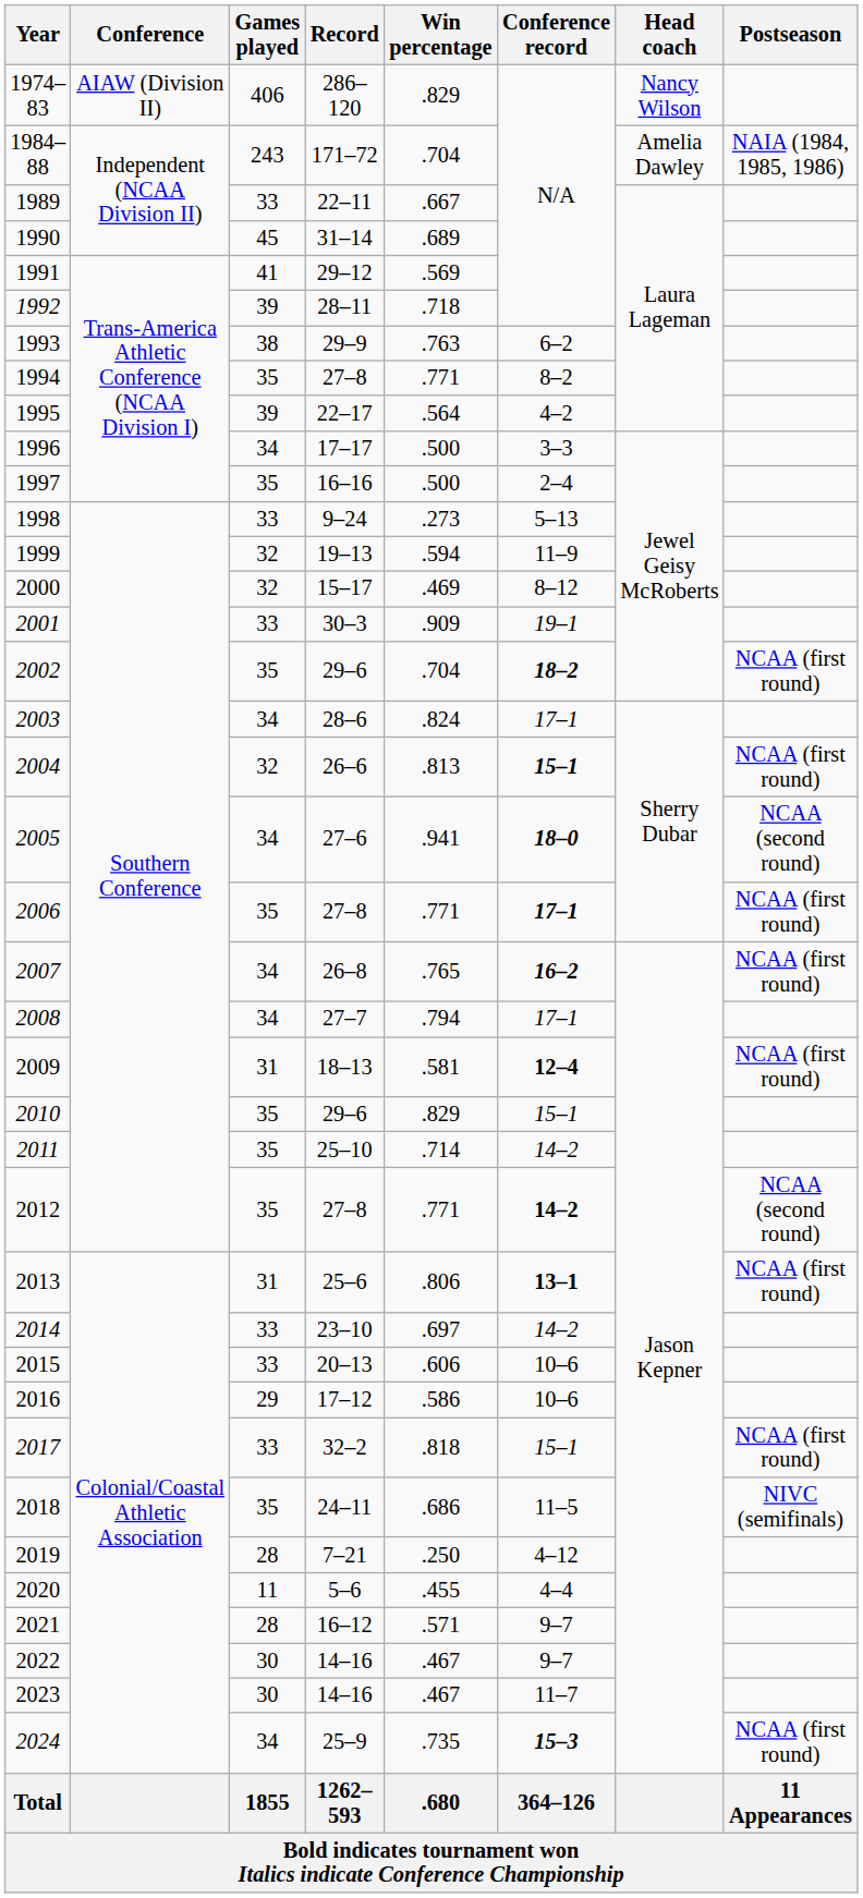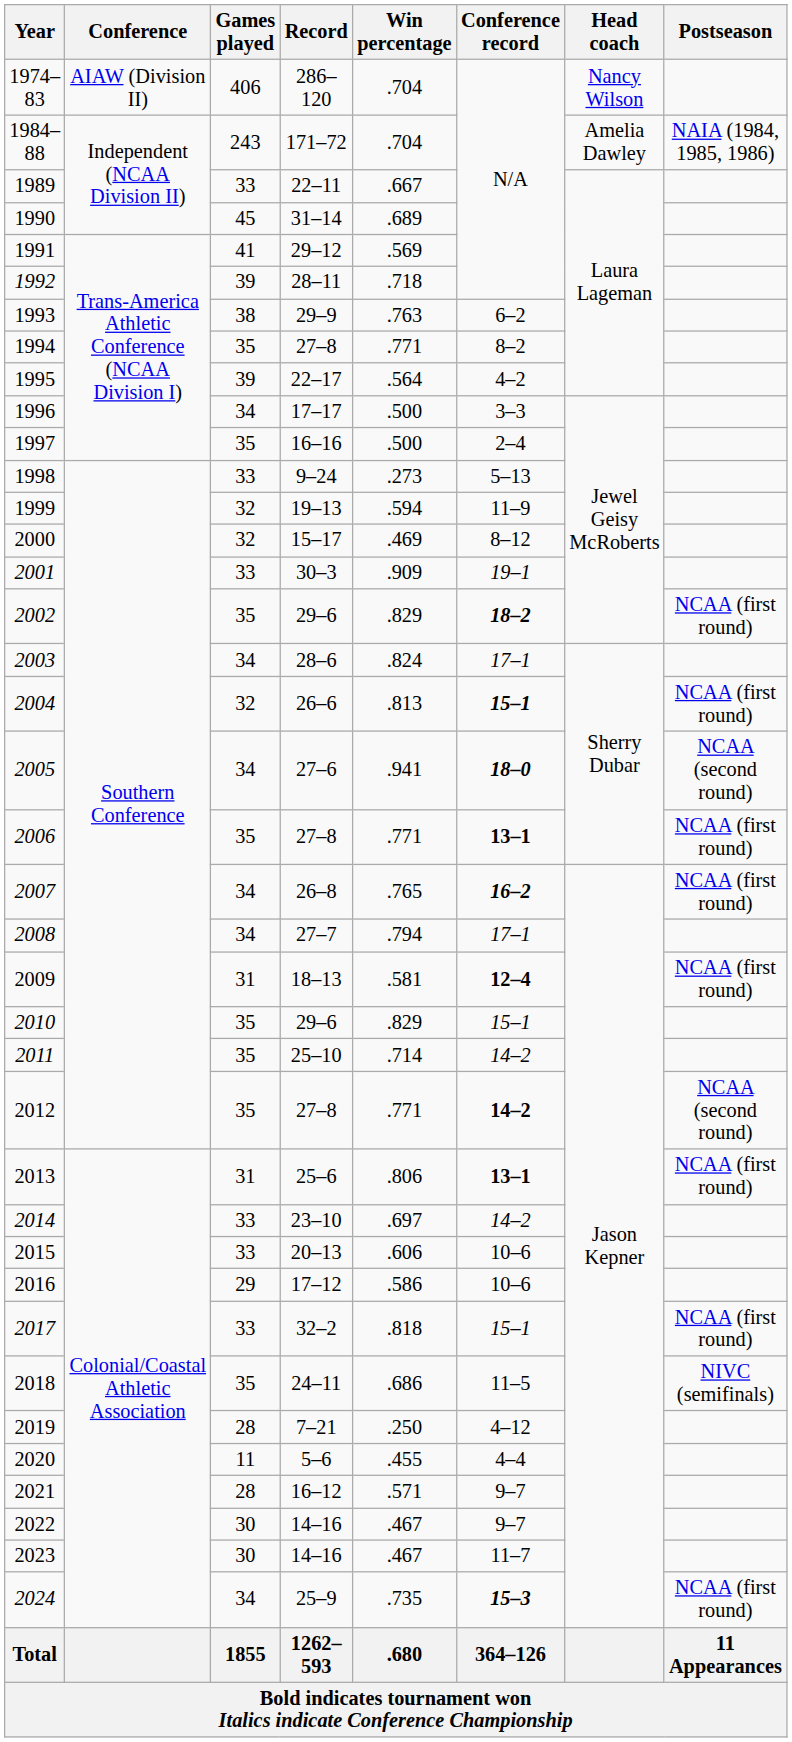 <table class="wikitable sortable" style="text-align:center;">
 <tr>
 <th style="text-align:center;">Year</th>
 <th style="text-align:center;">Conference</th>
 <th style="text-align:center;">Games played</th>
 <th style="text-align:center;">Record</th>
 <th style="text-align:center;">Win percentage</th>
 <th style="text-align:center;">Conference record</th>
 <th style="text-align:center;">Head coach</th>
 <th style="text-align:center;">Postseason</th>
 </tr>
 <tr>
 <td>1974–83</td>
 <td><a href='#'>AIAW</a> (Division II)</td>
 <td>406</td>
 <td>286–120</td>
-<td>.829</td>
+<td>.704</td>
 <td rowspan="6">N/A</td>
 <td rowspan="1"><a href='#'>Nancy Wilson</a></td>
 <td></td>
 </tr>
 <tr>
 <td>1984–88</td>
 <td rowspan="3">Independent (<a href='#'>NCAA Division II</a>)</td>
 <td>243</td>
 <td>171–72</td>
 <td>.704</td>
 <td>Amelia Dawley</td>
 <td><a href='#'>NAIA</a> (1984, 1985, 1986)</td>
 </tr>
 <tr>
 <td>1989</td>
 <td>33</td>
 <td>22–11</td>
 <td>.667</td>
 <td rowspan="7">Laura Lageman</td>
 <td></td>
 </tr>
 <tr>
 <td>1990</td>
 <td>45</td>
 <td>31–14</td>
 <td>.689</td>
 <td></td>
 </tr>
 <tr>
 <td>1991</td>
 <td rowspan="7"><a href='#'>Trans-America Athletic Conference</a> (<a href='#'>NCAA Division I</a>)</td>
 <td>41</td>
 <td>29–12</td>
 <td>.569</td>
 <td></td>
 </tr>
 <tr>
 <td><em>1992</em></td>
 <td>39</td>
 <td>28–11</td>
 <td>.718</td>
 <td></td>
 </tr>
 <tr>
 <td>1993</td>
 <td>38</td>
 <td>29–9</td>
 <td>.763</td>
 <td>6–2</td>
 <td></td>
 </tr>
 <tr>
 <td>1994</td>
 <td>35</td>
 <td>27–8</td>
 <td>.771</td>
 <td>8–2</td>
 <td></td>
 </tr>
 <tr>
 <td>1995</td>
 <td>39</td>
 <td>22–17</td>
 <td>.564</td>
 <td>4–2</td>
 <td></td>
 </tr>
 <tr>
 <td>1996</td>
 <td>34</td>
 <td>17–17</td>
 <td>.500</td>
 <td>3–3</td>
 <td rowspan="7">Jewel Geisy McRoberts</td>
 <td></td>
 </tr>
 <tr>
 <td>1997</td>
 <td>35</td>
 <td>16–16</td>
 <td>.500</td>
 <td>2–4</td>
 <td></td>
 </tr>
 <tr>
 <td>1998</td>
 <td rowspan="15"><a href='#'>Southern Conference</a></td>
 <td>33</td>
 <td>9–24</td>
 <td>.273</td>
 <td>5–13</td>
 <td></td>
 </tr>
 <tr>
 <td>1999</td>
 <td>32</td>
 <td>19–13</td>
 <td>.594</td>
 <td>11–9</td>
 <td></td>
 </tr>
 <tr>
 <td>2000</td>
 <td>32</td>
 <td>15–17</td>
 <td>.469</td>
 <td>8–12</td>
 <td></td>
 </tr>
 <tr>
 <td><em>2001</em></td>
 <td>33</td>
 <td>30–3</td>
 <td>.909</td>
 <td><em>19–1</em></td>
 <td></td>
 </tr>
 <tr>
 <td><em>2002</em></td>
 <td>35</td>
 <td>29–6</td>
-<td>.704</td>
+<td>.829</td>
 <td><strong><em>18–2</em></strong></td>
 <td><a href='#'>NCAA</a> (first round)</td>
 </tr>
 <tr>
 <td><em>2003</em></td>
 <td>34</td>
 <td>28–6</td>
 <td>.824</td>
 <td><em>17–1</em></td>
 <td rowspan="4">Sherry Dubar</td>
 <td></td>
 </tr>
 <tr>
 <td><em>2004</em></td>
 <td>32</td>
 <td>26–6</td>
 <td>.813</td>
 <td><strong><em>15–1</em></strong></td>
 <td><a href='#'>NCAA</a> (first round)</td>
 </tr>
 <tr>
 <td><em>2005</em></td>
 <td>34</td>
 <td>27–6</td>
 <td>.941</td>
 <td><strong><em>18–0</em></strong></td>
 <td><a href='#'>NCAA</a> (second round)</td>
 </tr>
 <tr>
 <td><em>2006</em></td>
 <td>35</td>
 <td>27–8</td>
 <td>.771</td>
-<td><strong><em>17–1</em></strong></td>
+<td><strong>13–1</strong></td>
 <td><a href='#'>NCAA</a> (first round)</td>
 </tr>
 <tr>
 <td><em>2007</em></td>
 <td>34</td>
 <td>26–8</td>
 <td>.765</td>
 <td><strong><em>16–2</em></strong></td>
 <td rowspan="18">Jason Kepner</td>
 <td><a href='#'>NCAA</a> (first round)</td>
 </tr>
 <tr>
 <td><em>2008</em></td>
 <td>34</td>
 <td>27–7</td>
 <td>.794</td>
 <td><em>17–1</em></td>
 <td></td>
 </tr>
 <tr>
 <td>2009</td>
 <td>31</td>
 <td>18–13</td>
 <td>.581</td>
 <td><strong>12–4</strong></td>
 <td><a href='#'>NCAA</a> (first round)</td>
 </tr>
 <tr>
 <td><em>2010</em></td>
 <td>35</td>
 <td>29–6</td>
 <td>.829</td>
 <td><em>15–1</em></td>
 <td></td>
 </tr>
 <tr>
 <td><em>2011</em></td>
 <td>35</td>
 <td>25–10</td>
 <td>.714</td>
 <td><em>14–2</em></td>
 <td></td>
 </tr>
 <tr>
 <td>2012</td>
 <td>35</td>
 <td>27–8</td>
 <td>.771</td>
 <td><strong>14–2</strong></td>
 <td><a href='#'>NCAA</a> (second round)</td>
 </tr>
 <tr>
 <td>2013</td>
 <td rowspan="12"><a href='#'>Colonial/Coastal Athletic Association</a></td>
 <td>31</td>
 <td>25–6</td>
 <td>.806</td>
 <td><strong>13–1</strong></td>
 <td><a href='#'>NCAA</a> (first round)</td>
 </tr>
 <tr>
 <td><em>2014</em></td>
 <td>33</td>
 <td>23–10</td>
 <td>.697</td>
 <td><em>14–2</em></td>
 <td></td>
 </tr>
 <tr>
 <td>2015</td>
 <td>33</td>
 <td>20–13</td>
 <td>.606</td>
 <td>10–6</td>
 <td></td>
 </tr>
 <tr>
 <td>2016</td>
 <td>29</td>
 <td>17–12</td>
 <td>.586</td>
 <td>10–6</td>
 <td></td>
 </tr>
 <tr>
 <td><em>2017</em></td>
 <td>33</td>
 <td>32–2</td>
 <td>.818</td>
 <td><em>15–1</em></td>
 <td><a href='#'>NCAA</a> (first round)</td>
 </tr>
 <tr>
 <td>2018</td>
 <td>35</td>
 <td>24–11</td>
 <td>.686</td>
 <td>11–5</td>
 <td><a href='#'>NIVC</a> (semifinals)</td>
 </tr>
 <tr>
 <td>2019</td>
 <td>28</td>
 <td>7–21</td>
 <td>.250</td>
 <td>4–12</td>
 <td></td>
 </tr>
 <tr>
 <td>2020</td>
 <td>11</td>
 <td>5–6</td>
 <td>.455</td>
 <td>4–4</td>
 <td></td>
 </tr>
 <tr>
 <td>2021</td>
 <td>28</td>
 <td>16–12</td>
 <td>.571</td>
 <td>9–7</td>
 <td></td>
 </tr>
 <tr>
 <td>2022</td>
 <td>30</td>
 <td>14–16</td>
 <td>.467</td>
 <td>9–7</td>
 <td></td>
 </tr>
 <tr>
 <td>2023</td>
 <td>30</td>
 <td>14–16</td>
 <td>.467</td>
 <td>11–7</td>
 <td></td>
 </tr>
 <tr>
 <td><em>2024</em></td>
 <td>34</td>
 <td>25–9</td>
 <td>.735</td>
 <td><strong><em>15–3</em></strong></td>
 <td><a href='#'>NCAA</a> (first round)</td>
 </tr>
 <tr>
 <th style="text-align:center;">Total</th>
 <th style="text-align:center;"></th>
 <th style="text-align:center;">1855</th>
 <th style="text-align:center;">1262–593</th>
 <th style="text-align:center;">.680</th>
 <th style="text-align:center;">364–126</th>
 <th style="text-align:center;"></th>
 <th style="text-align:center;">11 Appearances</th>
 </tr>
 <tr>
 <th colspan="8" style="text-align:center;"><strong>Bold indicates tournament won</strong><br><strong><em>Italics indicate Conference Championship</em></strong></th>
 </tr>
 </table>
